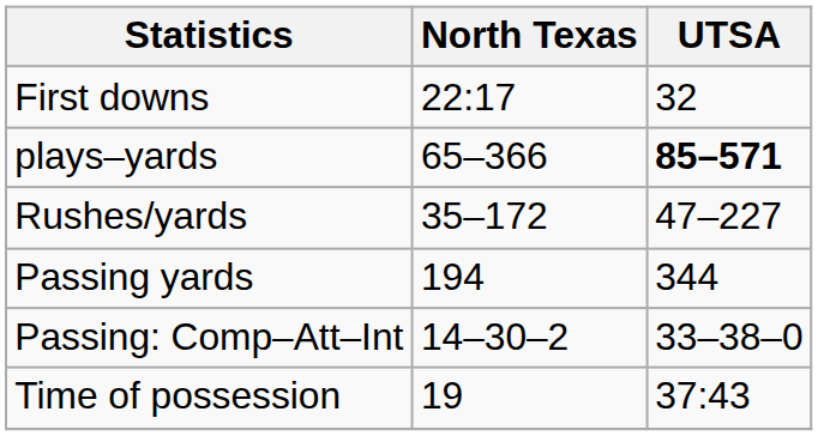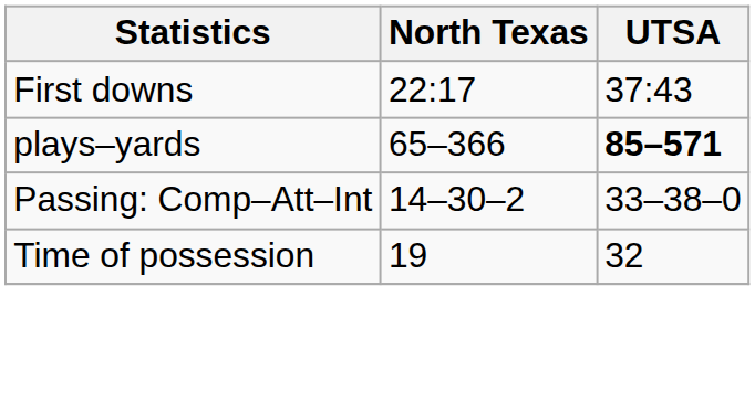 <table class="wikitable" style="float: left;">
 <tr>
 <th>Statistics</th>
 <th>North Texas</th>
 <th>UTSA</th>
 </tr>
 <tr>
 <td>First downs</td>
 <td>22:17</td>
-<td>32</td>
+<td>37:43</td>
 </tr>
 <tr>
 <td>plays–yards</td>
 <td>65–366</td>
 <td><strong>85–571</strong></td>
-</tr>
-<tr>
-<td>Rushes/yards</td>
-<td>35–172</td>
-<td>47–227</td>
-</tr>
-<tr>
-<td>Passing yards</td>
-<td>194</td>
-<td>344</td>
 </tr>
 <tr>
 <td>Passing: Comp–Att–Int</td>
 <td>14–30–2</td>
 <td>33–38–0</td>
 </tr>
 <tr>
 <td>Time of possession</td>
 <td>19</td>
-<td>37:43</td>
+<td>32</td>
 </tr>
 <tr>
 </tr>
 </table>
